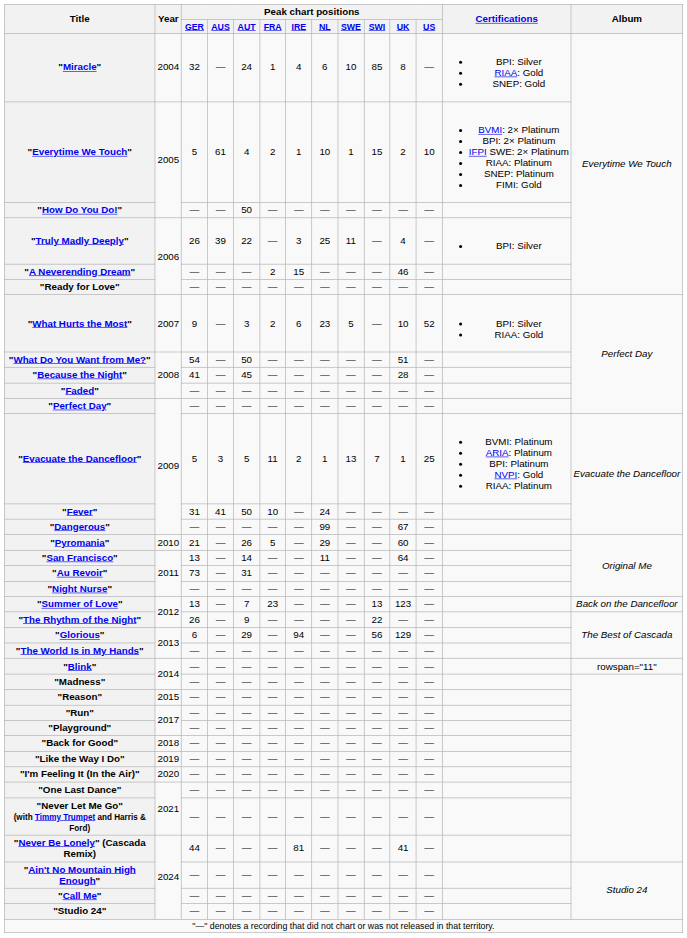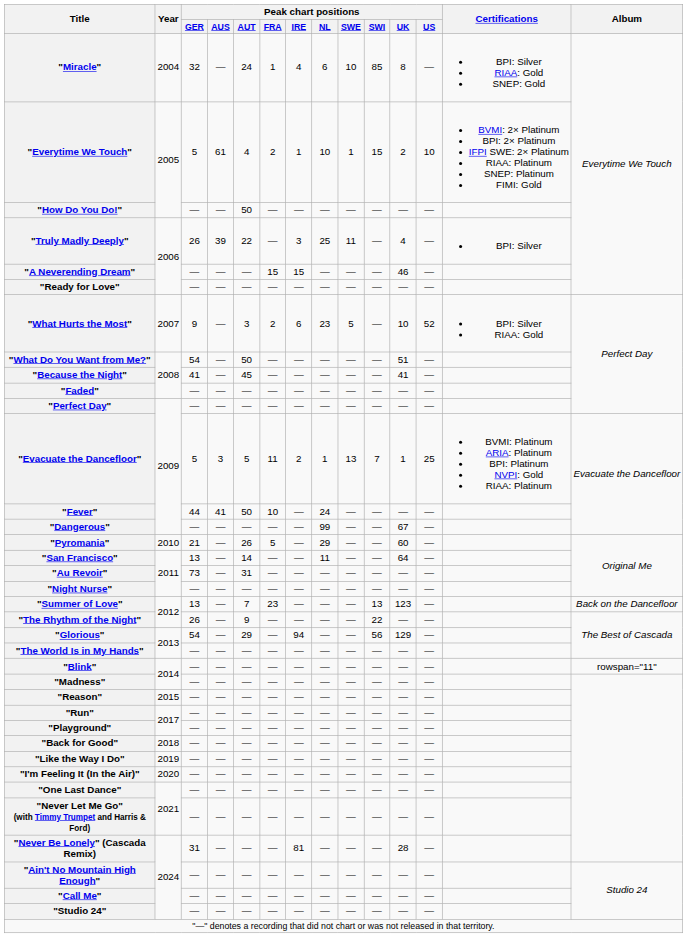 <table class="wikitable plainrowheaders" style="text-align:center;" border="1">
 <tr>
 <th scope="col" rowspan="2" style="width:15em;">Title</th>
 <th scope="col" rowspan="2">Year</th>
 <th scope="col" colspan="10">Peak chart positions</th>
 <th scope="col" rowspan="2"><a href='#'>Certifications</a></th>
 <th scope="col" rowspan="2">Album</th>
 </tr>
 <tr>
 <th scope="col" style="width:2.5em;font-size:90%;"><a href='#'>GER</a><br></th>
 <th scope="col" style="width:2.5em;font-size:90%;"><a href='#'>AUS</a><br></th>
 <th scope="col" style="width:2.5em;font-size:90%;"><a href='#'>AUT</a><br></th>
 <th scope="col" style="width:2.5em;font-size:90%;"><a href='#'>FRA</a><br></th>
 <th scope="col" style="width:2.5em;font-size:90%;"><a href='#'>IRE</a><br></th>
 <th scope="col" style="width:2.5em;font-size:90%;"><a href='#'>NL</a><br></th>
 <th scope="col" style="width:2.5em;font-size:90%;"><a href='#'>SWE</a><br></th>
 <th scope="col" style="width:2.5em;font-size:90%;"><a href='#'>SWI</a><br></th>
 <th scope="col" style="width:2.5em;font-size:90%;"><a href='#'>UK</a><br></th>
 <th scope="col" style="width:2.5em;font-size:90%;"><a href='#'>US</a><br></th>
 </tr>
 <tr>
 <th scope="row">"<a href='#'>Miracle</a>"</th>
 <td>2004</td>
 <td>32</td>
 <td>—</td>
 <td>24</td>
 <td>1</td>
 <td>4</td>
 <td>6</td>
 <td>10</td>
 <td>85</td>
 <td>8</td>
 <td>—</td>
 <td><br><ul><li>BPI: Silver</li><li><a href='#'>RIAA</a>: Gold</li><li>SNEP: Gold</li></ul></td>
 <td rowspan="6"><em>Everytime We Touch</em></td>
 </tr>
 <tr>
 <th scope="row">"<a href='#'>Everytime We Touch</a>"</th>
 <td rowspan="2">2005</td>
 <td>5</td>
 <td>61</td>
 <td>4</td>
 <td>2</td>
 <td>1</td>
 <td>10</td>
 <td>1</td>
 <td>15</td>
 <td>2</td>
 <td>10</td>
 <td><br><ul><li><a href='#'>BVMI</a>: 2× Platinum</li><li>BPI: 2× Platinum</li><li><a href='#'>IFPI</a> SWE: 2× Platinum</li><li>RIAA: Platinum</li><li>SNEP: Platinum</li><li>FIMI: Gold</li></ul></td>
 </tr>
 <tr>
 <th scope="row">"<a href='#'>How Do You Do!</a>"</th>
 <td>—</td>
 <td>—</td>
 <td>50</td>
 <td>—</td>
 <td>—</td>
 <td>—</td>
 <td>—</td>
 <td>—</td>
 <td>—</td>
 <td>—</td>
 <td></td>
 </tr>
 <tr>
 <th scope="row">"<a href='#'>Truly Madly Deeply</a>"</th>
 <td rowspan="3">2006</td>
 <td>26</td>
 <td>39</td>
 <td>22</td>
 <td>—</td>
 <td>3</td>
 <td>25</td>
 <td>11</td>
 <td>—</td>
 <td>4</td>
 <td>—</td>
 <td><br><ul><li>BPI: Silver</li></ul></td>
 </tr>
 <tr>
 <th scope="row">"<a href='#'>A Neverending Dream</a>"</th>
 <td>—</td>
 <td>—</td>
 <td>—</td>
-<td>2</td>
+<td>15</td>
 <td>15</td>
 <td>—</td>
 <td>—</td>
 <td>—</td>
 <td>46</td>
 <td>—</td>
 <td></td>
 </tr>
 <tr>
 <th scope="row">"Ready for Love"</th>
 <td>—</td>
 <td>—</td>
 <td>—</td>
 <td>—</td>
 <td>—</td>
 <td>—</td>
 <td>—</td>
 <td>—</td>
 <td>—</td>
 <td>—</td>
 <td></td>
 </tr>
 <tr>
 <th scope="row">"<a href='#'>What Hurts the Most</a>"</th>
 <td>2007</td>
 <td>9</td>
 <td>—</td>
 <td>3</td>
 <td>2</td>
 <td>6</td>
 <td>23</td>
 <td>5</td>
 <td>—</td>
 <td>10</td>
 <td>52</td>
 <td><br><ul><li>BPI: Silver</li><li>RIAA: Gold</li></ul></td>
 <td rowspan="5"><em>Perfect Day</em></td>
 </tr>
 <tr>
 <th scope="row">"<a href='#'>What Do You Want from Me?</a>"</th>
 <td rowspan="3">2008</td>
 <td>54</td>
 <td>—</td>
 <td>50</td>
 <td>—</td>
 <td>—</td>
 <td>—</td>
 <td>—</td>
 <td>—</td>
 <td>51</td>
 <td>—</td>
 <td></td>
 </tr>
 <tr>
 <th scope="row">"<a href='#'>Because the Night</a>"</th>
 <td>41</td>
 <td>—</td>
 <td>45</td>
 <td>—</td>
 <td>—</td>
 <td>—</td>
 <td>—</td>
 <td>—</td>
-<td>28</td>
+<td>41</td>
 <td>—</td>
 <td></td>
 </tr>
 <tr>
 <th scope="row">"<a href='#'>Faded</a>"</th>
 <td>—</td>
 <td>—</td>
 <td>—</td>
 <td>—</td>
 <td>—</td>
 <td>—</td>
 <td>—</td>
 <td>—</td>
 <td>—</td>
 <td>—</td>
 <td></td>
 </tr>
 <tr>
 <th scope="row">"<a href='#'>Perfect Day</a>"</th>
 <td rowspan="4">2009</td>
 <td>—</td>
 <td>—</td>
 <td>—</td>
 <td>—</td>
 <td>—</td>
 <td>—</td>
 <td>—</td>
 <td>—</td>
 <td>—</td>
 <td>—</td>
 <td></td>
 </tr>
 <tr>
 <th scope="row">"<a href='#'>Evacuate the Dancefloor</a>"</th>
 <td>5</td>
 <td>3</td>
 <td>5</td>
 <td>11</td>
 <td>2</td>
 <td>1</td>
 <td>13</td>
 <td>7</td>
 <td>1</td>
 <td>25</td>
 <td><br><ul><li>BVMI: Platinum</li><li><a href='#'>ARIA</a>: Platinum</li><li>BPI: Platinum</li><li><a href='#'>NVPI</a>: Gold</li><li>RIAA: Platinum</li></ul></td>
 <td rowspan="3"><em>Evacuate the Dancefloor</em></td>
 </tr>
 <tr>
 <th scope="row">"<a href='#'>Fever</a>"</th>
-<td>31</td>
+<td>44</td>
 <td>41</td>
 <td>50</td>
 <td>10</td>
 <td>—</td>
 <td>24</td>
 <td>—</td>
 <td>—</td>
 <td>—</td>
 <td>—</td>
 <td></td>
 </tr>
 <tr>
 <th scope="row">"<a href='#'>Dangerous</a>"</th>
 <td>—</td>
 <td>—</td>
 <td>—</td>
 <td>—</td>
 <td>—</td>
 <td>99</td>
 <td>—</td>
 <td>—</td>
 <td>67</td>
 <td>—</td>
 <td></td>
 </tr>
 <tr>
 <th scope="row">"<a href='#'>Pyromania</a>"</th>
 <td>2010</td>
 <td>21</td>
 <td>—</td>
 <td>26</td>
 <td>5</td>
 <td>—</td>
 <td>29</td>
 <td>—</td>
 <td>—</td>
 <td>60</td>
 <td>—</td>
 <td></td>
 <td rowspan="4"><em>Original Me</em></td>
 </tr>
 <tr>
 <th scope="row">"<a href='#'>San Francisco</a>"</th>
 <td rowspan="3">2011</td>
 <td>13</td>
 <td>—</td>
 <td>14</td>
 <td>—</td>
 <td>—</td>
 <td>11</td>
 <td>—</td>
 <td>—</td>
 <td>64</td>
 <td>—</td>
 <td></td>
 </tr>
 <tr>
 <th scope="row">"<a href='#'>Au Revoir</a>"</th>
 <td>73</td>
 <td>—</td>
 <td>31</td>
 <td>—</td>
 <td>—</td>
 <td>—</td>
 <td>—</td>
 <td>—</td>
 <td>—</td>
 <td>—</td>
 <td></td>
 </tr>
 <tr>
 <th scope="row">"<a href='#'>Night Nurse</a>"</th>
 <td>—</td>
 <td>—</td>
 <td>—</td>
 <td>—</td>
 <td>—</td>
 <td>—</td>
 <td>—</td>
 <td>—</td>
 <td>—</td>
 <td>—</td>
 <td></td>
 </tr>
 <tr>
 <th scope="row">"<a href='#'>Summer of Love</a>"</th>
 <td rowspan="2">2012</td>
 <td>13</td>
 <td>—</td>
 <td>7</td>
 <td>23</td>
 <td>—</td>
 <td>—</td>
 <td>—</td>
 <td>13</td>
 <td>123</td>
 <td>—</td>
 <td></td>
 <td><em>Back on the Dancefloor</em></td>
 </tr>
 <tr>
 <th scope="row">"<a href='#'>The Rhythm of the Night</a>"</th>
 <td>26</td>
 <td>—</td>
 <td>9</td>
 <td>—</td>
 <td>—</td>
 <td>—</td>
 <td>—</td>
 <td>22</td>
 <td>—</td>
 <td>—</td>
 <td></td>
 <td rowspan="3"><em>The Best of Cascada</em></td>
 </tr>
 <tr>
 <th scope="row">"<a href='#'>Glorious</a>"</th>
 <td rowspan="2">2013</td>
-<td>6</td>
+<td>54</td>
 <td>—</td>
 <td>29</td>
 <td>—</td>
 <td>94</td>
 <td>—</td>
 <td>—</td>
 <td>56</td>
 <td>129</td>
 <td>—</td>
 <td></td>
 </tr>
 <tr>
 <th scope="row">"<a href='#'>The World Is in My Hands</a>"</th>
 <td>—</td>
 <td>—</td>
 <td>—</td>
 <td>—</td>
 <td>—</td>
 <td>—</td>
 <td>—</td>
 <td>—</td>
 <td>—</td>
 <td>—</td>
 <td></td>
 </tr>
 <tr>
 <th scope="row">"<a href='#'>Blink</a>"</th>
 <td rowspan="2">2014</td>
 <td>—</td>
 <td>—</td>
 <td>—</td>
 <td>—</td>
 <td>—</td>
 <td>—</td>
 <td>—</td>
 <td>—</td>
 <td>—</td>
 <td>—</td>
 <td></td>
 <td>rowspan="11" </td>
 </tr>
 <tr>
 <th scope="row">"Madness" <br></th>
 <td>—</td>
 <td>—</td>
 <td>—</td>
 <td>—</td>
 <td>—</td>
 <td>—</td>
 <td>—</td>
 <td>—</td>
 <td>—</td>
 <td>—</td>
 <td></td>
 </tr>
 <tr>
 <th scope="row">"Reason"</th>
 <td>2015</td>
 <td>—</td>
 <td>—</td>
 <td>—</td>
 <td>—</td>
 <td>—</td>
 <td>—</td>
 <td>—</td>
 <td>—</td>
 <td>—</td>
 <td>—</td>
 <td></td>
 </tr>
 <tr>
 <th scope="row">"Run"</th>
 <td rowspan="2">2017</td>
 <td>—</td>
 <td>—</td>
 <td>—</td>
 <td>—</td>
 <td>—</td>
 <td>—</td>
 <td>—</td>
 <td>—</td>
 <td>—</td>
 <td>—</td>
 <td></td>
 </tr>
 <tr>
 <th scope="row">"Playground"</th>
 <td>—</td>
 <td>—</td>
 <td>—</td>
 <td>—</td>
 <td>—</td>
 <td>—</td>
 <td>—</td>
 <td>—</td>
 <td>—</td>
 <td>—</td>
 <td></td>
 </tr>
 <tr>
 <th scope="row">"Back for Good"</th>
 <td>2018</td>
 <td>—</td>
 <td>—</td>
 <td>—</td>
 <td>—</td>
 <td>—</td>
 <td>—</td>
 <td>—</td>
 <td>—</td>
 <td>—</td>
 <td>—</td>
 <td></td>
 </tr>
 <tr>
 <th scope="row">"Like the Way I Do"</th>
 <td>2019</td>
 <td>—</td>
 <td>—</td>
 <td>—</td>
 <td>—</td>
 <td>—</td>
 <td>—</td>
 <td>—</td>
 <td>—</td>
 <td>—</td>
 <td>—</td>
 <td></td>
 </tr>
 <tr>
 <th scope="row">"I'm Feeling It (In the Air)"</th>
 <td>2020</td>
 <td>—</td>
 <td>—</td>
 <td>—</td>
 <td>—</td>
 <td>—</td>
 <td>—</td>
 <td>—</td>
 <td>—</td>
 <td>—</td>
 <td>—</td>
 <td></td>
 </tr>
 <tr>
 <th scope="row">"One Last Dance" <br></th>
 <td rowspan="2">2021</td>
 <td>—</td>
 <td>—</td>
 <td>—</td>
 <td>—</td>
 <td>—</td>
 <td>—</td>
 <td>—</td>
 <td>—</td>
 <td>—</td>
 <td>—</td>
 <td></td>
 </tr>
 <tr>
 <th scope="row">"Never Let Me Go" <br><small>(with <a href='#'>Timmy Trumpet</a> and Harris & Ford)</small></th>
 <td>—</td>
 <td>—</td>
 <td>—</td>
 <td>—</td>
 <td>—</td>
 <td>—</td>
 <td>—</td>
 <td>—</td>
 <td>—</td>
 <td>—</td>
 <td></td>
 </tr>
 <tr>
 <th scope="row">"<a href='#'>Never Be Lonely</a>" (Cascada Remix)<br> </th>
 <td rowspan="4">2024</td>
-<td>44</td>
+<td>31</td>
 <td>—</td>
 <td>—</td>
 <td>—</td>
 <td>81</td>
 <td>—</td>
 <td>—</td>
 <td>—</td>
-<td>41</td>
+<td>28</td>
 <td>—</td>
 <td></td>
 </tr>
 <tr>
 <th scope="row">"<a href='#'>Ain't No Mountain High Enough</a>"</th>
 <td>—</td>
 <td>—</td>
 <td>—</td>
 <td>—</td>
 <td>—</td>
 <td>—</td>
 <td>—</td>
 <td>—</td>
 <td>—</td>
 <td>—</td>
 <td></td>
 <td rowspan="3"><em>Studio 24</em></td>
 </tr>
 <tr>
 <th scope="row">"<a href='#'>Call Me</a>"</th>
 <td>—</td>
 <td>—</td>
 <td>—</td>
 <td>—</td>
 <td>—</td>
 <td>—</td>
 <td>—</td>
 <td>—</td>
 <td>—</td>
 <td>—</td>
 <td></td>
 </tr>
 <tr>
 <th scope="row">"Studio 24"</th>
 <td>—</td>
 <td>—</td>
 <td>—</td>
 <td>—</td>
 <td>—</td>
 <td>—</td>
 <td>—</td>
 <td>—</td>
 <td>—</td>
 <td>—</td>
 <td></td>
 </tr>
 <tr>
 <td colspan="14" style="font-size:90%">"—" denotes a recording that did not chart or was not released in that territory.</td>
 </tr>
 </table>
